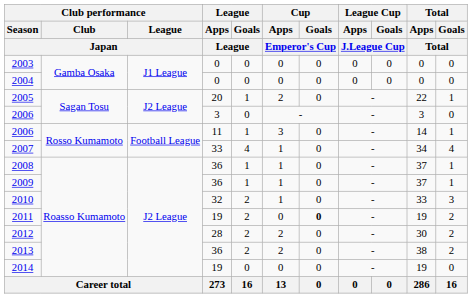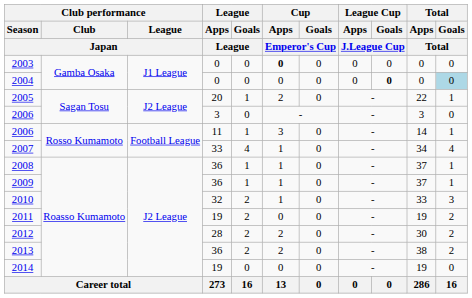 <table class="wikitable" style="text-align:center">
 <tr>
 <th colspan=3>Club performance</th>
 <th colspan=2>League</th>
 <th colspan=2>Cup</th>
 <th colspan=2>League Cup</th>
 <th colspan=2>Total</th>
 </tr>
 <tr>
 <th>Season</th>
 <th>Club</th>
 <th>League</th>
 <th>Apps</th>
 <th>Goals</th>
 <th>Apps</th>
 <th>Goals</th>
 <th>Apps</th>
 <th>Goals</th>
 <th>Apps</th>
 <th>Goals</th>
 </tr>
 <tr>
 <th colspan=3>Japan</th>
 <th colspan=2>League</th>
 <th colspan=2><a href='#'>Emperor's Cup</a></th>
 <th colspan=2><a href='#'>J.League Cup</a></th>
 <th colspan=2>Total</th>
 </tr>
 <tr>
 <td><a href='#'>2003</a></td>
 <td rowspan="2"><a href='#'>Gamba Osaka</a></td>
 <td rowspan="2"><a href='#'>J1 League</a></td>
 <td>0</td>
 <td>0</td>
-<td>0</td>
+<td><strong>0</strong></td>
 <td>0</td>
 <td>0</td>
 <td>0</td>
 <td>0</td>
 <td>0</td>
 </tr>
 <tr>
 <td><a href='#'>2004</a></td>
 <td>0</td>
 <td>0</td>
 <td>0</td>
 <td>0</td>
 <td>0</td>
+<td><strong>0</strong></td>
 <td>0</td>
-<td>0</td>
-<td>0</td>
+<td style="background: lightblue;">0</td>
 </tr>
 <tr>
 <td><a href='#'>2005</a></td>
 <td rowspan="2"><a href='#'>Sagan Tosu</a></td>
 <td rowspan="2"><a href='#'>J2 League</a></td>
 <td>20</td>
 <td>1</td>
 <td>2</td>
 <td>0</td>
 <td colspan="2">-</td>
 <td>22</td>
 <td>1</td>
 </tr>
 <tr>
 <td><a href='#'>2006</a></td>
 <td>3</td>
 <td>0</td>
 <td colspan="2">-</td>
 <td colspan="2">-</td>
 <td>3</td>
 <td>0</td>
 </tr>
 <tr>
 <td><a href='#'>2006</a></td>
 <td rowspan="2"><a href='#'>Rosso Kumamoto</a></td>
 <td rowspan="2"><a href='#'>Football League</a></td>
 <td>11</td>
 <td>1</td>
 <td>3</td>
 <td>0</td>
 <td colspan="2">-</td>
 <td>14</td>
 <td>1</td>
 </tr>
 <tr>
 <td><a href='#'>2007</a></td>
 <td>33</td>
 <td>4</td>
 <td>1</td>
 <td>0</td>
 <td colspan="2">-</td>
 <td>34</td>
 <td>4</td>
 </tr>
 <tr>
 <td><a href='#'>2008</a></td>
 <td rowspan="7"><a href='#'>Roasso Kumamoto</a></td>
 <td rowspan="7"><a href='#'>J2 League</a></td>
 <td>36</td>
 <td>1</td>
 <td>1</td>
 <td>0</td>
 <td colspan="2">-</td>
 <td>37</td>
 <td>1</td>
 </tr>
 <tr>
 <td><a href='#'>2009</a></td>
 <td>36</td>
 <td>1</td>
 <td>1</td>
 <td>0</td>
 <td colspan="2">-</td>
 <td>37</td>
 <td>1</td>
 </tr>
 <tr>
 <td><a href='#'>2010</a></td>
 <td>32</td>
 <td>2</td>
 <td>1</td>
 <td>0</td>
 <td colspan="2">-</td>
 <td>33</td>
 <td>3</td>
 </tr>
 <tr>
 <td><a href='#'>2011</a></td>
 <td>19</td>
 <td>2</td>
 <td>0</td>
-<td><strong>0</strong></td>
+<td>0</td>
 <td colspan="2">-</td>
 <td>19</td>
 <td>2</td>
 </tr>
 <tr>
 <td><a href='#'>2012</a></td>
 <td>28</td>
 <td>2</td>
 <td>2</td>
 <td>0</td>
 <td colspan="2">-</td>
 <td>30</td>
 <td>2</td>
 </tr>
 <tr>
 <td><a href='#'>2013</a></td>
 <td>36</td>
 <td>2</td>
 <td>2</td>
 <td>0</td>
 <td colspan="2">-</td>
 <td>38</td>
 <td>2</td>
 </tr>
 <tr>
 <td><a href='#'>2014</a></td>
 <td>19</td>
 <td>0</td>
 <td>0</td>
 <td>0</td>
 <td colspan="2">-</td>
 <td>19</td>
 <td>0</td>
 </tr>
 <tr>
 <th colspan=3>Career total</th>
 <th>273</th>
 <th>16</th>
 <th>13</th>
 <th>0</th>
 <th>0</th>
 <th>0</th>
 <th>286</th>
 <th>16</th>
 </tr>
 </table>
